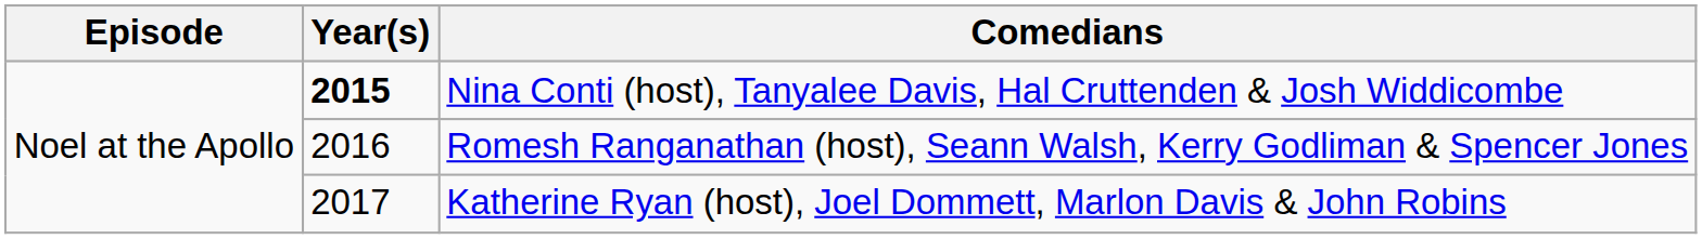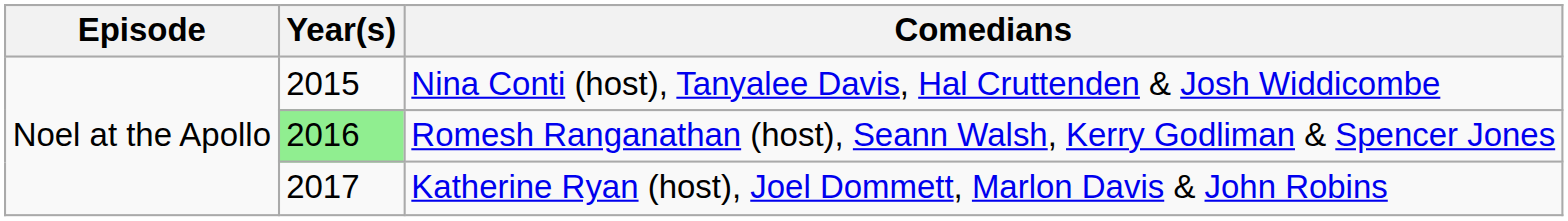 <table class="wikitable sortable">
 <tr>
 <th>Episode</th>
 <th>Year(s)</th>
 <th>Comedians</th>
 </tr>
 <tr>
 <td rowspan="3">Noel at the Apollo</td>
-<td><strong>2015</strong></td>
+<td>2015</td>
 <td><a href='#'>Nina Conti</a> (host), <a href='#'>Tanyalee Davis</a>, <a href='#'>Hal Cruttenden</a> & <a href='#'>Josh Widdicombe</a></td>
 </tr>
 <tr>
-<td>2016</td>
+<td style="background: lightgreen;">2016</td>
 <td><a href='#'>Romesh Ranganathan</a> (host), <a href='#'>Seann Walsh</a>, <a href='#'>Kerry Godliman</a> & <a href='#'>Spencer Jones</a></td>
 </tr>
 <tr>
 <td>2017</td>
 <td><a href='#'>Katherine Ryan</a> (host), <a href='#'>Joel Dommett</a>, <a href='#'>Marlon Davis</a> & <a href='#'>John Robins</a></td>
 </tr>
 </table>
